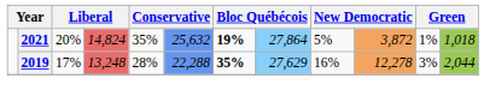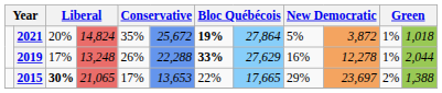 <table class="wikitable" style="float:right; width:400; font-size:90%; margin-left:1em;">
 <tr>
 <th colspan="2" scope="col">Year</th>
 <th colspan="2" scope="col"><a href='#'>Liberal</a></th>
 <th colspan="2" scope="col"><a href='#'>Conservative</a></th>
 <th colspan="2" scope="col"><a href='#'>Bloc Québécois</a></th>
 <th colspan="2" scope="col"><a href='#'>New Democratic</a></th>
 <th colspan="2" scope="col"><a href='#'>Green</a></th>
 </tr>
 <tr>
 <td rowspan="2" style="width: 0.25em; background-color: "></td>
 <th><a href='#'>2021</a></th>
 <td>20%</td>
 <td style="text-align:right; background:#EA6D6A;"><em>14,824</em></td>
 <td>35%</td>
-<td style="text-align:right; background:#6495ED;"><em>25,632</em></td>
+<td style="text-align:right; background:#6495ED;"><em>25,672</em></td>
 <td><strong>19%</strong></td>
 <td style="text-align:right; background:#87CEFA;"><em>27,864</em></td>
 <td>5%</td>
 <td style="text-align:right; background:#F4A460;"><em>3,872</em></td>
 <td>1%</td>
 <td style="text-align:right; background:#99C955;"><em>1,018</em></td>
 </tr>
 <tr>
 <th><a href='#'>2019</a></th>
 <td>17%</td>
 <td style="text-align:right; background:#EA6D6A;"><em>13,248</em></td>
-<td>28%</td>
+<td>26%</td>
 <td style="text-align:right; background:#6495ED;"><em>22,288</em></td>
-<td><strong>35%</strong></td>
+<td><strong>33%</strong></td>
 <td style="text-align:right; background:#87CEFA;"><em>27,629</em></td>
 <td>16%</td>
 <td style="text-align:right; background:#F4A460;"><em>12,278</em></td>
-<td>3%</td>
+<td>1%</td>
 <td style="text-align:right; background:#99C955;"><em>2,044</em></td>
+</tr>
+<tr>
+<td style="width: 0.25em; background-color: "></td>
+<th><a href='#'>2015</a></th>
+<td><strong>30%</strong></td>
+<td style="text-align:right; background:#EA6D6A;"><em>21,065</em></td>
+<td>17%</td>
+<td style="text-align:right; background:#6495ED;"><em>13,653</em></td>
+<td>22%</td>
+<td style="text-align:right; background:#87CEFA;"><em>17,665</em></td>
+<td>29%</td>
+<td style="text-align:right; background:#F4A460;"><em>23,697</em></td>
+<td>2%</td>
+<td style="text-align:right; background:#99C955;"><em>1,388</em></td>
 </tr>
 <tr>
 </tr>
 </table>
